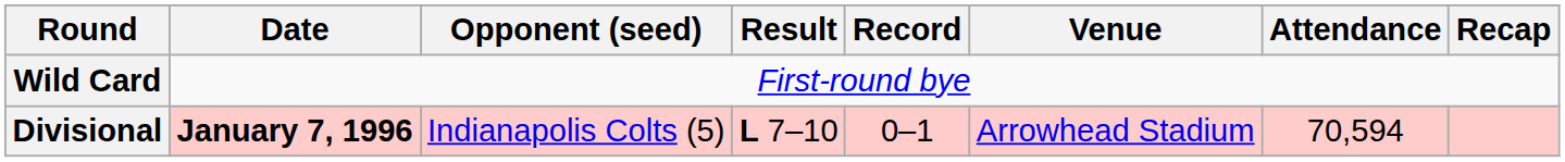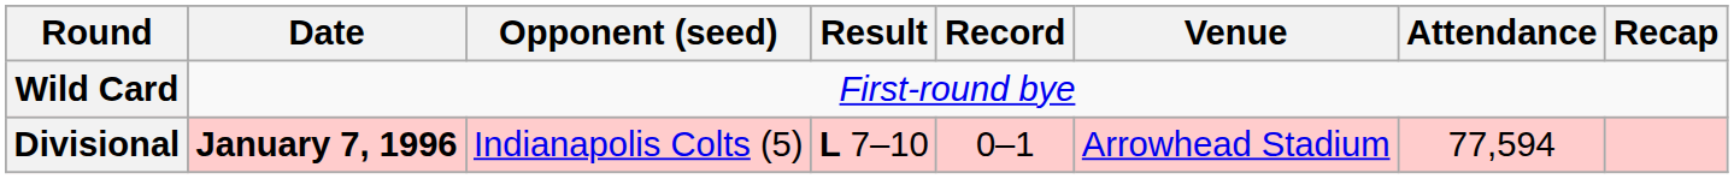 <table class="wikitable" style="text-align:center">
 <tr>
 <th>Round</th>
 <th>Date</th>
 <th>Opponent (seed)</th>
 <th>Result</th>
 <th>Record</th>
 <th>Venue</th>
 <th>Attendance</th>
 <th>Recap</th>
 </tr>
 <tr>
 <th>Wild Card</th>
 <td colspan="7"><em><a href='#'>First-round bye</a></em></td>
 </tr>
 <tr style="background:#fcc">
 <th>Divisional</th>
 <td><strong>January 7, 1996</strong></td>
 <td><a href='#'>Indianapolis Colts</a> (5)</td>
 <td><strong>L</strong> 7–10</td>
 <td>0–1</td>
 <td><a href='#'>Arrowhead Stadium</a></td>
-<td>70,594</td>
+<td>77,594</td>
 <td></td>
 </tr>
 </table>
